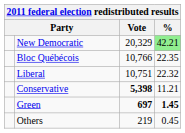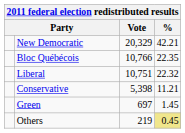 <table class="wikitable">
 <tr>
 <th colspan="4"><a href='#'>2011 federal election</a> redistributed results</th>
 </tr>
 <tr>
 <th bgcolor="#DDDDFF" width="130px" colspan="2">Party</th>
 <th bgcolor="#DDDDFF" width="50px">Vote</th>
 <th bgcolor="#DDDDFF" width="30px">%</th>
 </tr>
 <tr>
 <td> </td>
 <td><a href='#'>New Democratic</a></td>
 <td align=right>20,329</td>
-<td align=right style="background: lightgreen;">42.21</td>
+<td align=right>42.21</td>
 </tr>
 <tr>
 <td> </td>
 <td><a href='#'>Bloc Québécois</a></td>
 <td align=right>10,766</td>
 <td align=right>22.35</td>
 </tr>
 <tr>
 <td> </td>
 <td><a href='#'>Liberal</a></td>
 <td align=right>10,751</td>
 <td align=right>22.32</td>
 </tr>
 <tr>
 <td> </td>
 <td><a href='#'>Conservative</a></td>
-<td align=right><strong>5,398</strong></td>
+<td align=right>5,398</td>
 <td align=right>11.21</td>
 </tr>
 <tr>
 <td> </td>
 <td><a href='#'>Green</a></td>
-<td align=right><strong>697</strong></td>
-<td align=right><strong>1.45</strong></td>
+<td align=right>697</td>
+<td align=right>1.45</td>
 </tr>
 <tr>
 <td> </td>
 <td>Others</td>
 <td align=right>219</td>
-<td align=right>0.45</td>
+<td align=right style="background: khaki;">0.45</td>
 </tr>
 </table>
